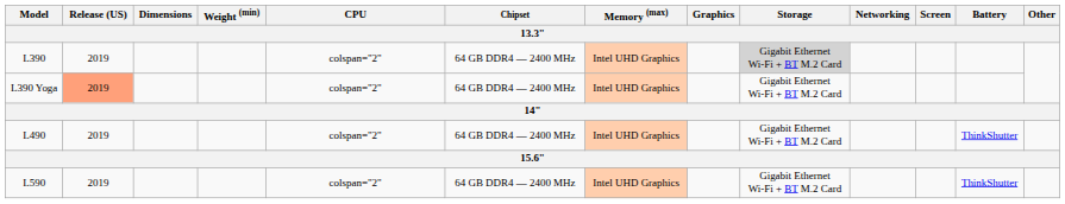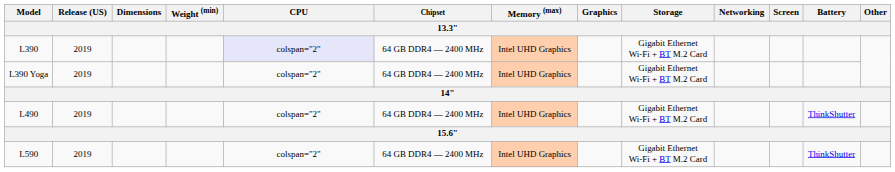 <table class="wikitable" style="font-size: 80%; text-align: center; min-width: 80%;">
 <tr>
 <th>Model</th>
 <th>Release (US)</th>
 <th>Dimensions</th>
 <th>Weight <sup>(min)</sup></th>
 <th style="width:17%">CPU</th>
 <th><small>Chipset</small></th>
 <th>Memory <sup>(max)</sup></th>
 <th>Graphics</th>
 <th>Storage</th>
 <th>Networking</th>
 <th>Screen</th>
 <th>Battery</th>
 <th>Other</th>
 </tr>
 <tr>
 <th colspan=13>13.3"</th>
 </tr>
 <tr>
 <td>L390</td>
 <td>2019</td>
 <td></td>
 <td></td>
-<td>colspan="2" </td>
+<td style="background: lavender;">colspan="2" </td>
 <td style="background:">64 GB DDR4 — 2400 MHz<br></td>
 <td style="background:#ffcead;">Intel UHD Graphics</td>
 <td></td>
-<td style="background: lightgrey;"> Gigabit Ethernet<br>Wi-Fi + <a href='#'>BT</a> M.2 Card</td>
+<td> Gigabit Ethernet<br>Wi-Fi + <a href='#'>BT</a> M.2 Card</td>
 <td></td>
 <td></td>
 <td></td>
 </tr>
 <tr>
 <td>L390 Yoga</td>
-<td style="background: lightsalmon;">2019</td>
+<td>2019</td>
 <td></td>
 <td></td>
 <td>colspan="2" </td>
 <td style="background:">64 GB DDR4 — 2400 MHz<br></td>
 <td style="background:#ffcead;">Intel UHD Graphics</td>
 <td></td>
 <td> Gigabit Ethernet<br>Wi-Fi + <a href='#'>BT</a> M.2 Card</td>
 <td></td>
 <td></td>
 <td></td>
 </tr>
 <tr>
 <th colspan=13>14"</th>
 </tr>
 <tr>
 <td>L490</td>
 <td>2019</td>
 <td></td>
 <td></td>
 <td>colspan="2" </td>
 <td style="background:">64 GB DDR4 — 2400 MHz<br></td>
 <td style="background:#ffcead;">Intel UHD Graphics</td>
 <td></td>
 <td>Gigabit Ethernet<br>Wi-Fi + <a href='#'>BT</a> M.2 Card<br><small></small></td>
 <td></td>
 <td></td>
 <td><a href='#'>ThinkShutter</a><br></td>
 </tr>
 <tr>
 <th colspan=13>15.6"</th>
 </tr>
 <tr>
 <td>L590</td>
 <td>2019</td>
 <td></td>
 <td></td>
 <td>colspan="2" </td>
 <td style="background:">64 GB DDR4 — 2400 MHz<br></td>
 <td style="background:#ffcead;">Intel UHD Graphics</td>
 <td></td>
 <td>Gigabit Ethernet<br>Wi-Fi + <a href='#'>BT</a> M.2 Card<br><small></small></td>
 <td></td>
 <td></td>
 <td><a href='#'>ThinkShutter</a><br></td>
 </tr>
 </table>
